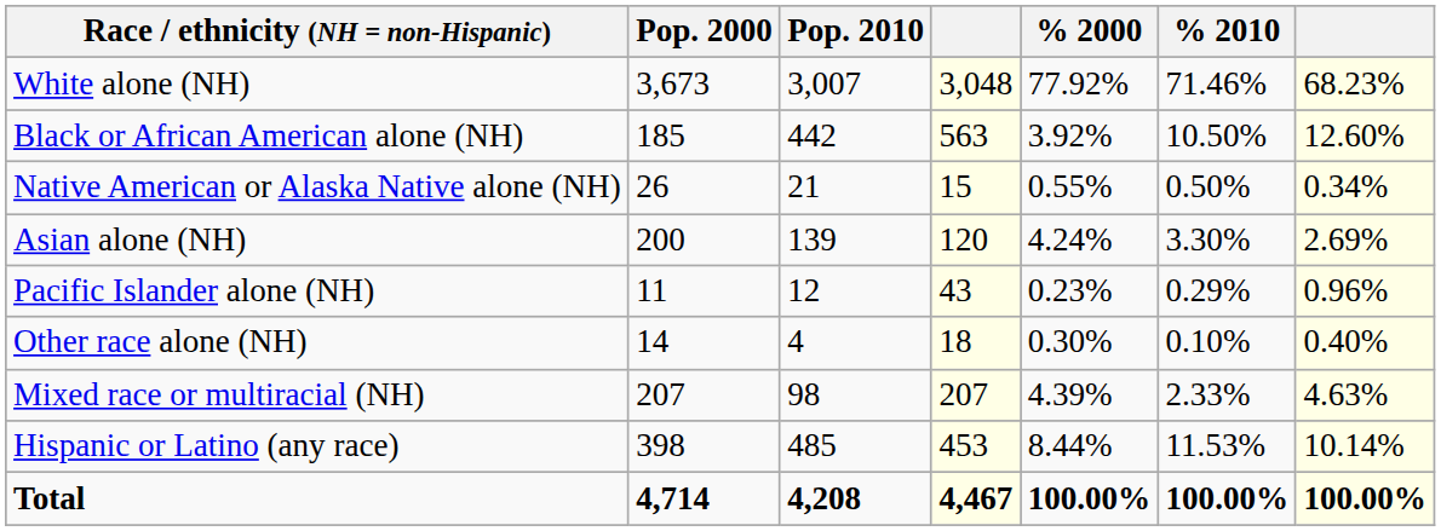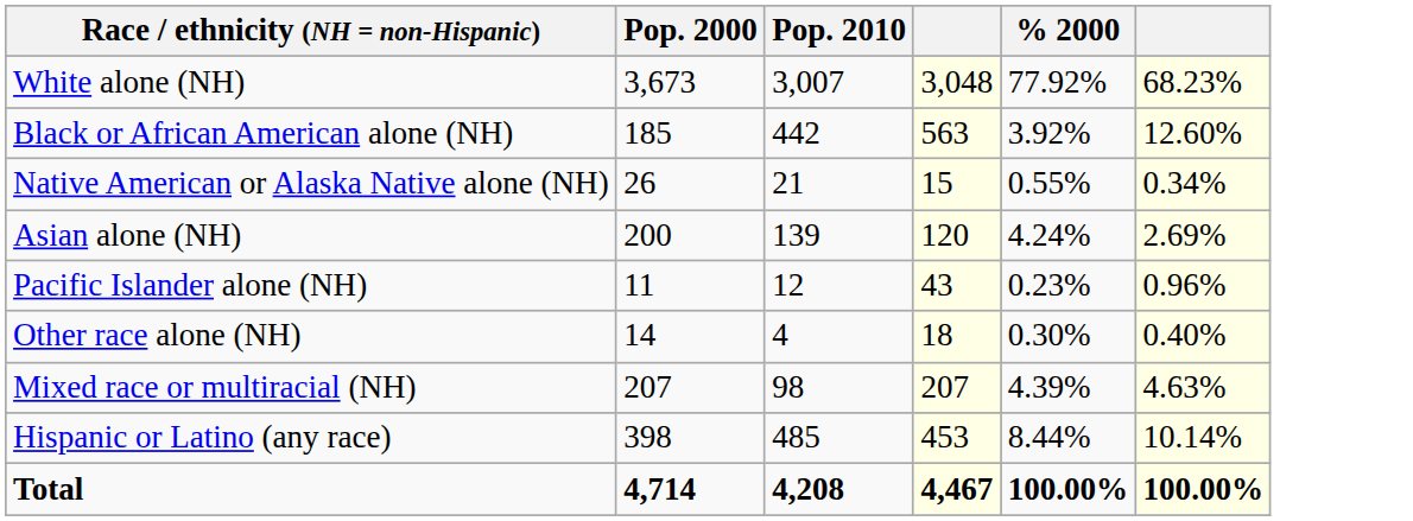 <table class="wikitable">
 <tr>
 <th>Race / ethnicity <small>(<em>NH = non-Hispanic</em>)</small></th>
 <th>Pop. 2000</th>
 <th>Pop. 2010</th>
 <th></th>
 <th>% 2000</th>
-<th>% 2010</th>
 <th></th>
 </tr>
 <tr>
 <td><a href='#'>White</a> alone (NH)</td>
 <td>3,673</td>
 <td>3,007</td>
 <td style='background: #ffffe6;'>3,048</td>
 <td>77.92%</td>
-<td>71.46%</td>
 <td style='background: #ffffe6;'>68.23%</td>
 </tr>
 <tr>
 <td><a href='#'>Black or African American</a> alone (NH)</td>
 <td>185</td>
 <td>442</td>
 <td style='background: #ffffe6;'>563</td>
 <td>3.92%</td>
-<td>10.50%</td>
 <td style='background: #ffffe6;'>12.60%</td>
 </tr>
 <tr>
 <td><a href='#'>Native American</a> or <a href='#'>Alaska Native</a> alone (NH)</td>
 <td>26</td>
 <td>21</td>
 <td style='background: #ffffe6;'>15</td>
 <td>0.55%</td>
-<td>0.50%</td>
 <td style='background: #ffffe6;'>0.34%</td>
 </tr>
 <tr>
 <td><a href='#'>Asian</a> alone (NH)</td>
 <td>200</td>
 <td>139</td>
 <td style='background: #ffffe6;'>120</td>
 <td>4.24%</td>
-<td>3.30%</td>
 <td style='background: #ffffe6;'>2.69%</td>
 </tr>
 <tr>
 <td><a href='#'>Pacific Islander</a> alone (NH)</td>
 <td>11</td>
 <td>12</td>
 <td style='background: #ffffe6;'>43</td>
 <td>0.23%</td>
-<td>0.29%</td>
 <td style='background: #ffffe6;'>0.96%</td>
 </tr>
 <tr>
 <td><a href='#'>Other race</a> alone (NH)</td>
 <td>14</td>
 <td>4</td>
 <td style='background: #ffffe6;'>18</td>
 <td>0.30%</td>
-<td>0.10%</td>
 <td style='background: #ffffe6;'>0.40%</td>
 </tr>
 <tr>
 <td><a href='#'>Mixed race or multiracial</a> (NH)</td>
 <td>207</td>
 <td>98</td>
 <td style='background: #ffffe6;'>207</td>
 <td>4.39%</td>
-<td>2.33%</td>
 <td style='background: #ffffe6;'>4.63%</td>
 </tr>
 <tr>
 <td><a href='#'>Hispanic or Latino</a> (any race)</td>
 <td>398</td>
 <td>485</td>
 <td style='background: #ffffe6;'>453</td>
 <td>8.44%</td>
-<td>11.53%</td>
 <td style='background: #ffffe6;'>10.14%</td>
 </tr>
 <tr>
 <td><strong>Total</strong></td>
 <td><strong>4,714</strong></td>
 <td><strong>4,208</strong></td>
 <td style='background: #ffffe6;'><strong>4,467</strong></td>
 <td><strong>100.00%</strong></td>
-<td><strong>100.00%</strong></td>
 <td style='background: #ffffe6;'><strong>100.00%</strong></td>
 </tr>
 </table>
